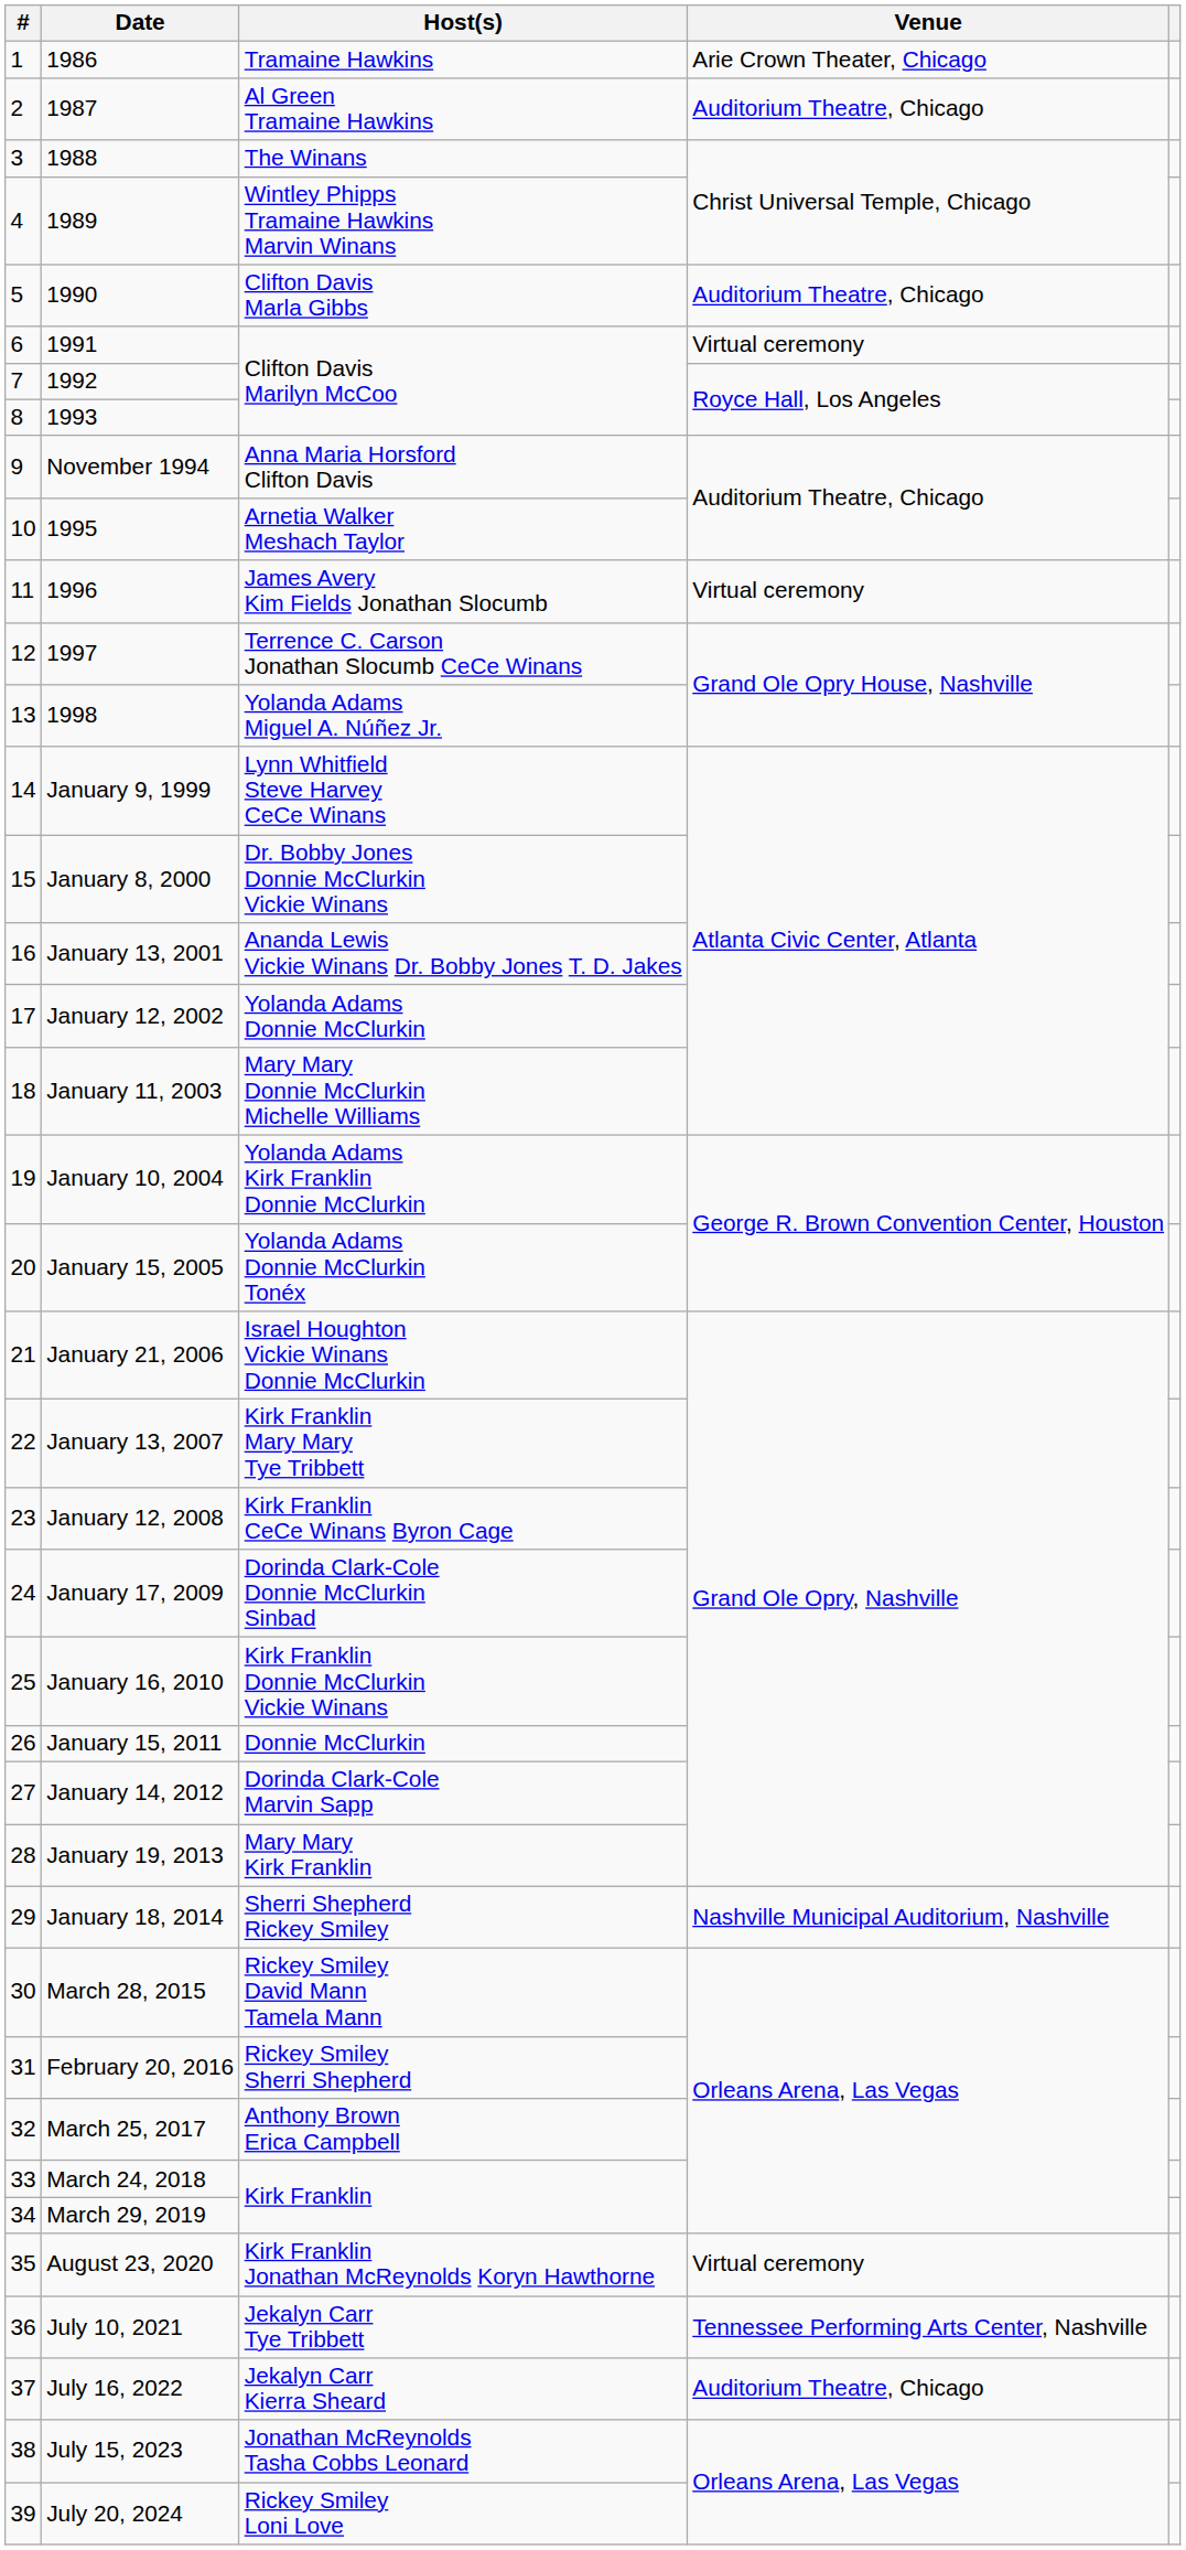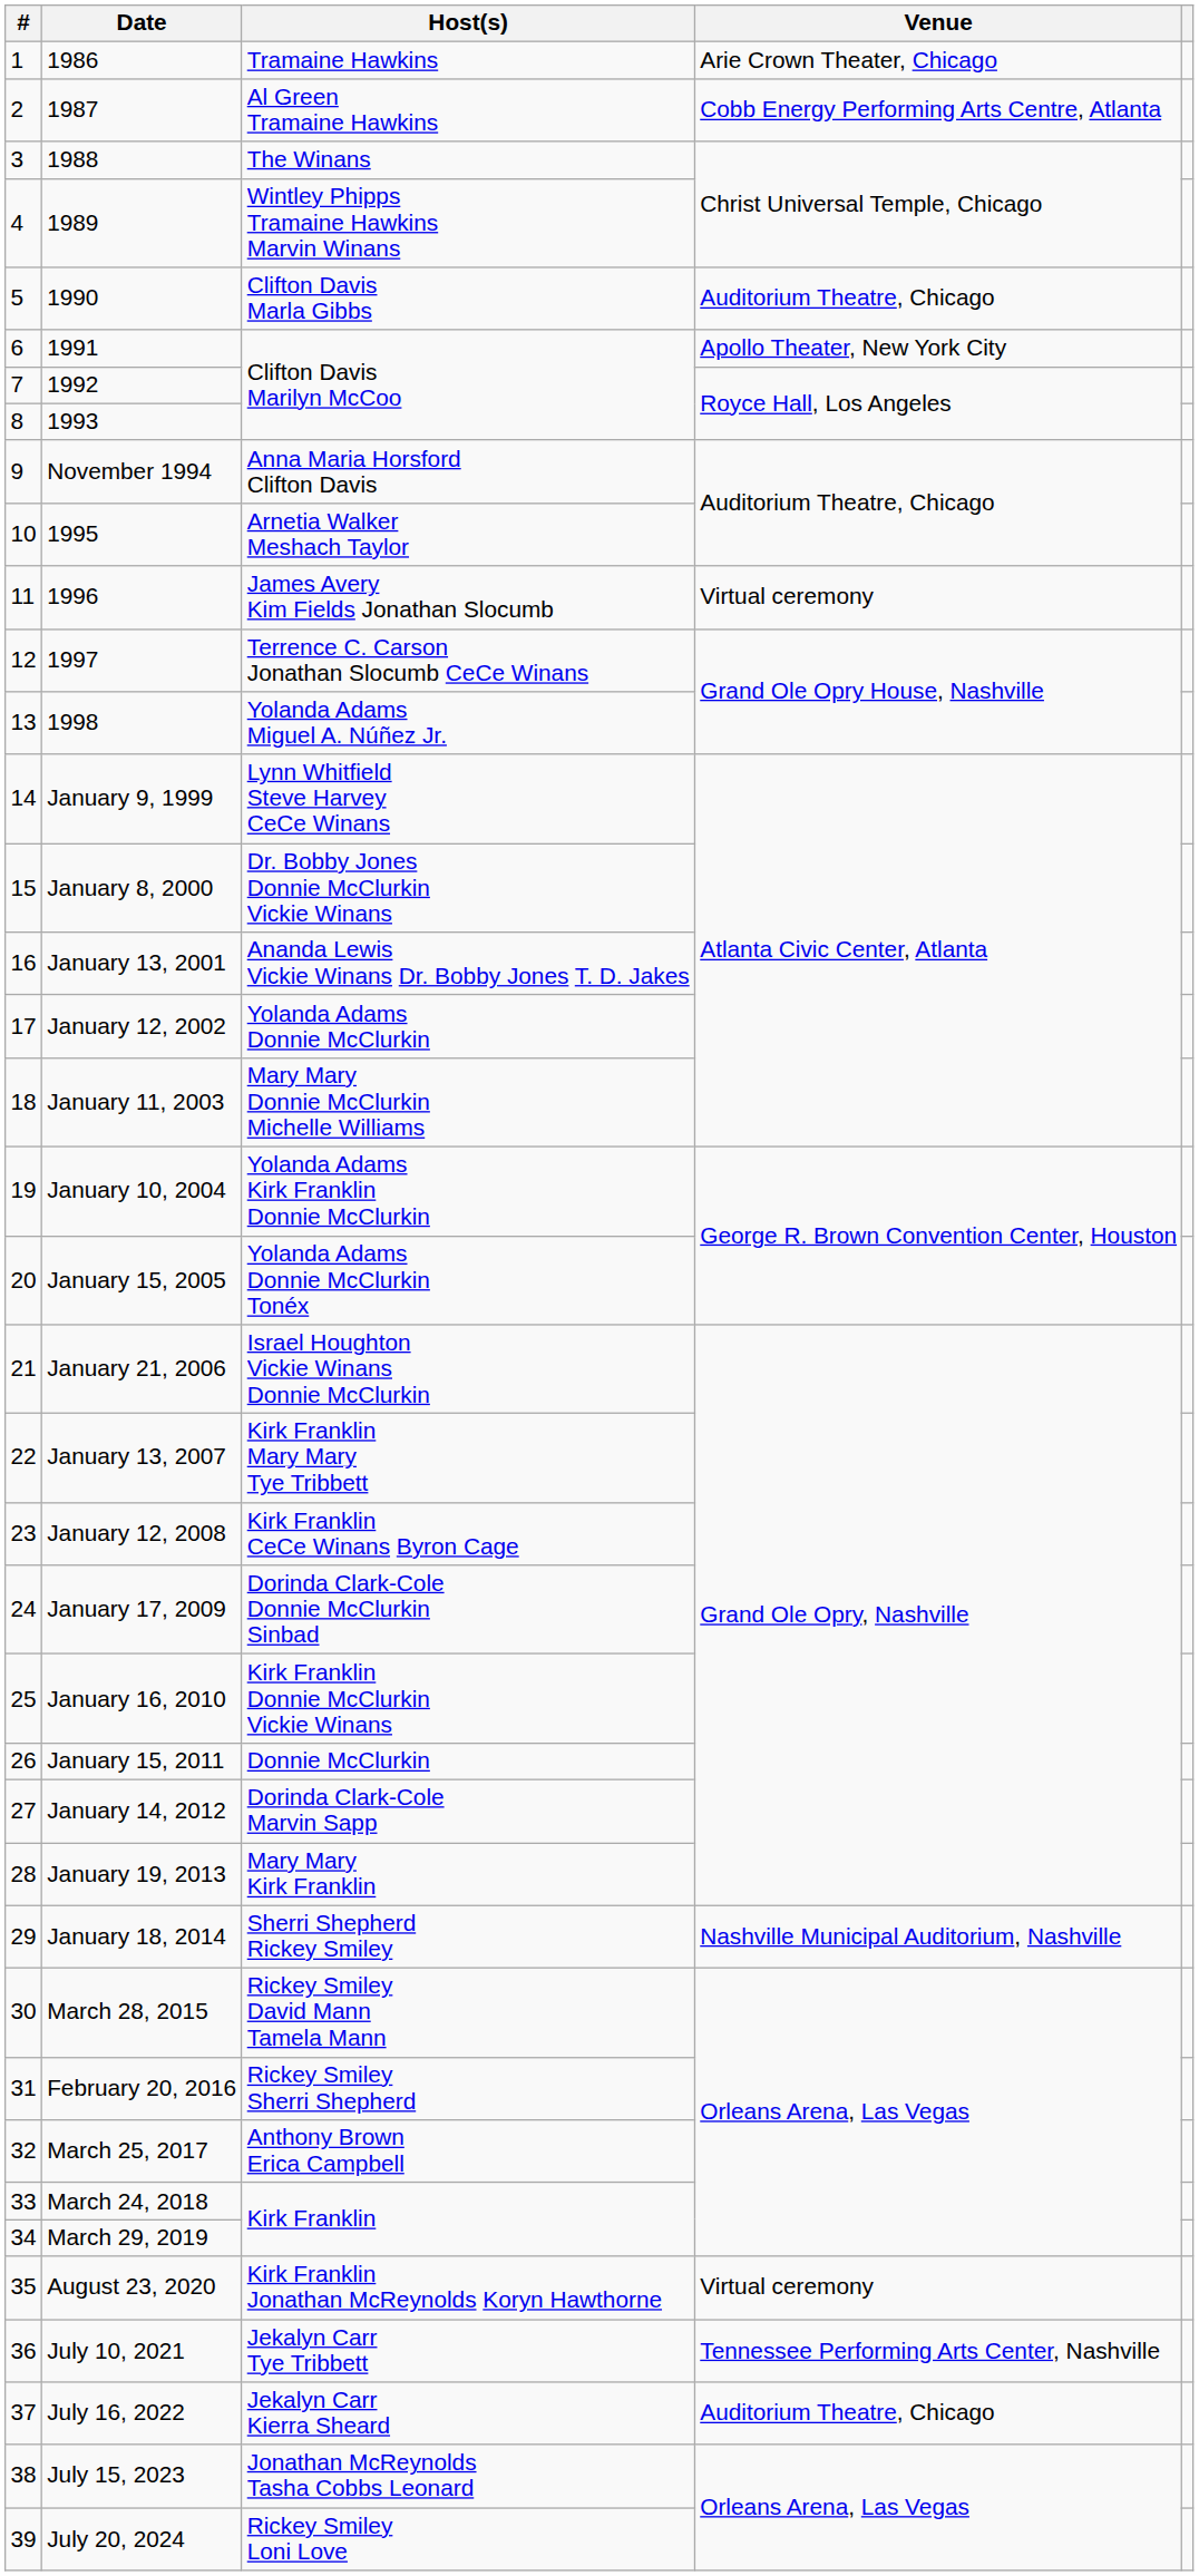 <table class="wikitable" style=text-align:center">
 <tr>
 <th>#</th>
 <th>Date</th>
 <th>Host(s)</th>
 <th>Venue</th>
 <th></th>
 </tr>
 <tr>
 <td>1</td>
 <td>1986</td>
 <td><a href='#'>Tramaine Hawkins</a></td>
 <td>Arie Crown Theater, <a href='#'>Chicago</a></td>
 <td></td>
 </tr>
 <tr>
 <td>2</td>
 <td>1987</td>
 <td><a href='#'>Al Green</a><br><a href='#'>Tramaine Hawkins</a></td>
-<td><a href='#'>Auditorium Theatre</a>, Chicago</td>
+<td><a href='#'>Cobb Energy Performing Arts Centre</a>, <a href='#'>Atlanta</a></td>
 <td></td>
 </tr>
 <tr>
 <td>3</td>
 <td>1988</td>
 <td><a href='#'>The Winans</a></td>
 <td rowspan="2">Christ Universal Temple, Chicago</td>
 <td></td>
 </tr>
 <tr>
 <td>4</td>
 <td>1989</td>
 <td><a href='#'>Wintley Phipps</a> <br><a href='#'>Tramaine Hawkins</a><br><a href='#'>Marvin Winans</a></td>
 <td></td>
 </tr>
 <tr>
 <td>5</td>
 <td>1990</td>
 <td><a href='#'>Clifton Davis</a> <br><a href='#'>Marla Gibbs</a></td>
 <td><a href='#'>Auditorium Theatre</a>, Chicago</td>
 <td></td>
 </tr>
 <tr>
 <td>6</td>
 <td>1991</td>
 <td rowspan="3">Clifton Davis<br><a href='#'>Marilyn McCoo</a></td>
-<td>Virtual ceremony</td>
+<td><a href='#'>Apollo Theater</a>, New York City</td>
 <td></td>
 </tr>
 <tr>
 <td>7</td>
 <td>1992</td>
 <td rowspan="2"><a href='#'>Royce Hall</a>, Los Angeles</td>
 <td></td>
 </tr>
 <tr>
 <td>8</td>
 <td>1993</td>
 <td></td>
 </tr>
 <tr>
 <td>9</td>
 <td>November 1994</td>
 <td><a href='#'>Anna Maria Horsford</a><br>Clifton Davis</td>
 <td rowspan="2">Auditorium Theatre, Chicago</td>
 <td></td>
 </tr>
 <tr>
 <td>10</td>
 <td>1995</td>
 <td><a href='#'>Arnetia Walker</a><br><a href='#'>Meshach Taylor</a></td>
 <td></td>
 </tr>
 <tr>
 <td>11</td>
 <td>1996</td>
 <td><a href='#'>James Avery</a><br><a href='#'>Kim Fields</a> Jonathan Slocumb</td>
 <td>Virtual ceremony</td>
 <td></td>
 </tr>
 <tr>
 <td>12</td>
 <td>1997</td>
 <td><a href='#'>Terrence C. Carson</a><br>Jonathan Slocumb <a href='#'>CeCe Winans</a></td>
 <td rowspan="2"><a href='#'>Grand Ole Opry House</a>, <a href='#'>Nashville</a></td>
 <td></td>
 </tr>
 <tr>
 <td>13</td>
 <td>1998</td>
 <td><a href='#'>Yolanda Adams</a><br><a href='#'>Miguel A. Núñez Jr.</a></td>
 <td></td>
 </tr>
 <tr>
 <td>14</td>
 <td>January 9, 1999</td>
 <td><a href='#'>Lynn Whitfield</a> <br><a href='#'>Steve Harvey</a><br><a href='#'>CeCe Winans</a></td>
 <td rowspan="5"><a href='#'>Atlanta Civic Center</a>, <a href='#'>Atlanta</a></td>
 <td></td>
 </tr>
 <tr>
 <td>15</td>
 <td>January 8, 2000</td>
 <td><a href='#'>Dr. Bobby Jones</a> <br> <a href='#'>Donnie McClurkin</a> <br> <a href='#'>Vickie Winans</a></td>
 <td></td>
 </tr>
 <tr>
 <td>16</td>
 <td>January 13, 2001</td>
 <td><a href='#'>Ananda Lewis</a><br><a href='#'>Vickie Winans</a> <a href='#'>Dr. Bobby Jones</a> <a href='#'>T. D. Jakes</a></td>
 <td></td>
 </tr>
 <tr>
 <td>17</td>
 <td>January 12, 2002</td>
 <td><a href='#'>Yolanda Adams</a><br><a href='#'>Donnie McClurkin</a></td>
 <td></td>
 </tr>
 <tr>
 <td>18</td>
 <td>January 11, 2003</td>
 <td><a href='#'>Mary Mary</a> <br><a href='#'>Donnie McClurkin</a><br><a href='#'>Michelle Williams</a></td>
 <td></td>
 </tr>
 <tr>
 <td>19</td>
 <td>January 10, 2004</td>
 <td><a href='#'>Yolanda Adams</a> <br><a href='#'>Kirk Franklin</a> <br><a href='#'>Donnie McClurkin</a></td>
 <td rowspan="2"><a href='#'>George R. Brown Convention Center</a>, <a href='#'>Houston</a></td>
 <td></td>
 </tr>
 <tr>
 <td>20</td>
 <td>January 15, 2005</td>
 <td><a href='#'>Yolanda Adams</a> <br><a href='#'>Donnie McClurkin</a><br><a href='#'>Tonéx</a></td>
 <td></td>
 </tr>
 <tr>
 <td>21</td>
 <td>January 21, 2006</td>
 <td><a href='#'>Israel Houghton</a> <br><a href='#'>Vickie Winans</a><br><a href='#'>Donnie McClurkin</a></td>
 <td rowspan="8"><a href='#'>Grand Ole Opry</a>, <a href='#'>Nashville</a></td>
 <td></td>
 </tr>
 <tr>
 <td>22</td>
 <td>January 13, 2007</td>
 <td><a href='#'>Kirk Franklin</a><br><a href='#'>Mary Mary</a><br><a href='#'>Tye Tribbett</a></td>
 <td></td>
 </tr>
 <tr>
 <td>23</td>
 <td>January 12, 2008</td>
 <td><a href='#'>Kirk Franklin</a><br><a href='#'>CeCe Winans</a> <a href='#'>Byron Cage</a></td>
 <td></td>
 </tr>
 <tr>
 <td>24</td>
 <td>January 17, 2009</td>
 <td><a href='#'>Dorinda Clark-Cole</a> <br><a href='#'>Donnie McClurkin</a><br><a href='#'>Sinbad</a></td>
 <td></td>
 </tr>
 <tr>
 <td>25</td>
 <td>January 16, 2010</td>
 <td><a href='#'>Kirk Franklin</a><br><a href='#'>Donnie McClurkin</a><br><a href='#'>Vickie Winans</a></td>
 <td></td>
 </tr>
 <tr>
 <td>26</td>
 <td>January 15, 2011</td>
 <td><a href='#'>Donnie McClurkin</a></td>
 <td></td>
 </tr>
 <tr>
 <td>27</td>
 <td>January 14, 2012</td>
 <td><a href='#'>Dorinda Clark-Cole</a><br><a href='#'>Marvin Sapp</a></td>
 <td></td>
 </tr>
 <tr>
 <td>28</td>
 <td>January 19, 2013</td>
 <td><a href='#'>Mary Mary</a><br><a href='#'>Kirk Franklin</a></td>
 <td></td>
 </tr>
 <tr>
 <td>29</td>
 <td>January 18, 2014</td>
 <td><a href='#'>Sherri Shepherd</a><br><a href='#'>Rickey Smiley</a></td>
 <td><a href='#'>Nashville Municipal Auditorium</a>, <a href='#'>Nashville</a></td>
 <td></td>
 </tr>
 <tr>
 <td>30</td>
 <td>March 28, 2015</td>
 <td><a href='#'>Rickey Smiley</a><br><a href='#'>David Mann</a> <br><a href='#'>Tamela Mann</a></td>
 <td rowspan="5"><a href='#'>Orleans Arena</a>, <a href='#'>Las Vegas</a></td>
 <td></td>
 </tr>
 <tr>
 <td>31</td>
 <td>February 20, 2016</td>
 <td><a href='#'>Rickey Smiley</a><br><a href='#'>Sherri Shepherd</a></td>
 <td></td>
 </tr>
 <tr>
 <td>32</td>
 <td>March 25, 2017</td>
 <td><a href='#'>Anthony Brown</a><br><a href='#'>Erica Campbell</a></td>
 <td></td>
 </tr>
 <tr>
 <td>33</td>
 <td>March 24, 2018</td>
 <td rowspan="2"><a href='#'>Kirk Franklin</a></td>
 <td></td>
 </tr>
 <tr>
 <td>34</td>
 <td>March 29, 2019</td>
 <td></td>
 </tr>
 <tr>
 <td>35</td>
 <td>August 23, 2020</td>
 <td><a href='#'>Kirk Franklin</a><br><a href='#'>Jonathan McReynolds</a> <a href='#'>Koryn Hawthorne</a></td>
 <td>Virtual ceremony</td>
 <td></td>
 </tr>
 <tr>
 <td>36</td>
 <td>July 10, 2021</td>
 <td><a href='#'>Jekalyn Carr</a><br><a href='#'>Tye Tribbett</a></td>
 <td><a href='#'>Tennessee Performing Arts Center</a>, Nashville</td>
 <td></td>
 </tr>
 <tr>
 <td>37</td>
 <td>July 16, 2022</td>
 <td><a href='#'>Jekalyn Carr</a><br><a href='#'>Kierra Sheard</a></td>
 <td><a href='#'>Auditorium Theatre</a>, Chicago</td>
 <td></td>
 </tr>
 <tr>
 <td>38</td>
 <td>July 15, 2023</td>
 <td><a href='#'>Jonathan McReynolds</a><br><a href='#'>Tasha Cobbs Leonard</a></td>
 <td rowspan="2"><a href='#'>Orleans Arena</a>, <a href='#'>Las Vegas</a></td>
 <td></td>
 </tr>
 <tr>
 <td>39</td>
 <td>July 20, 2024</td>
 <td><a href='#'>Rickey Smiley</a><br><a href='#'>Loni Love</a></td>
 <td></td>
 </tr>
 </table>
